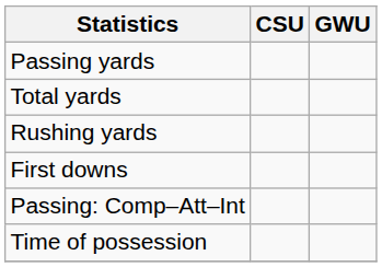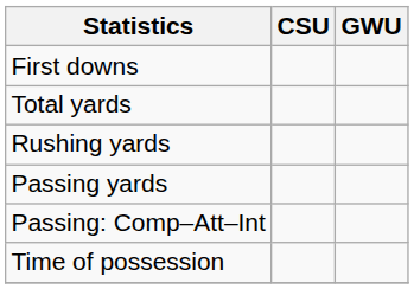 <table class="wikitable" style="float: left;">
 <tr>
 <th>Statistics</th>
 <th>CSU</th>
 <th>GWU</th>
 </tr>
 <tr>
-<td>Passing yards</td>
+<td>First downs</td>
 <td></td>
 <td></td>
 </tr>
 <tr>
 <td>Total yards</td>
 <td></td>
 <td></td>
 </tr>
 <tr>
 <td>Rushing yards</td>
 <td></td>
 <td></td>
 </tr>
 <tr>
-<td>First downs</td>
+<td>Passing yards</td>
 <td></td>
 <td></td>
 </tr>
 <tr>
 <td>Passing: Comp–Att–Int</td>
 <td></td>
 <td></td>
 </tr>
 <tr>
 <td>Time of possession</td>
 <td></td>
 <td></td>
 </tr>
 <tr>
 </tr>
 </table>
